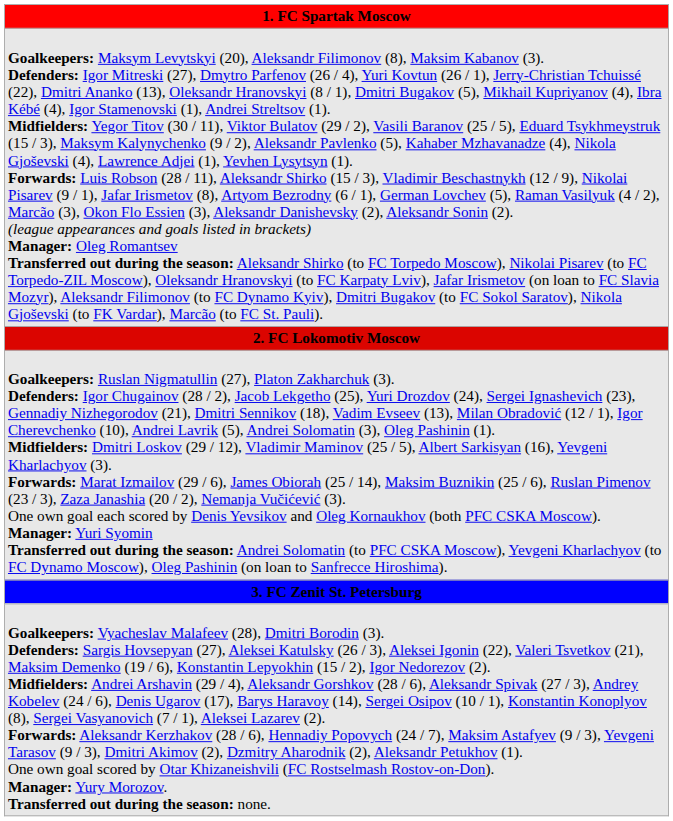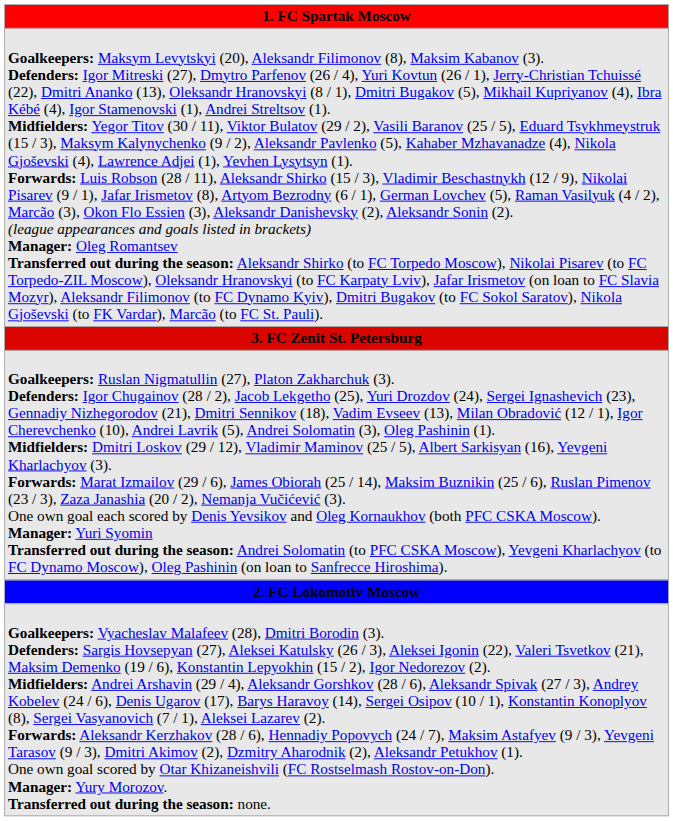 <table class="wikitable" Width="700">
 <tr bgcolor="#FF0000">
 <td align="center" width="700"><span> <strong>1. FC Spartak Moscow</strong> </span></td>
 </tr>
 <tr bgcolor="#E8E8E8">
 <td align="left" width="700"><br><strong>Goalkeepers:</strong> <a href='#'>Maksym Levytskyi</a>  (20), <a href='#'>Aleksandr Filimonov</a> (8), <a href='#'>Maksim Kabanov</a> (3).<br> <strong>Defenders:</strong> <a href='#'>Igor Mitreski</a>  (27), <a href='#'>Dmytro Parfenov</a>  (26 / 4), <a href='#'>Yuri Kovtun</a> (26  / 1), <a href='#'>Jerry-Christian Tchuissé</a>  (22), <a href='#'>Dmitri Ananko</a> (13), <a href='#'>Oleksandr Hranovskyi</a>  (8 / 1), <a href='#'>Dmitri Bugakov</a> (5), <a href='#'>Mikhail Kupriyanov</a> (4), <a href='#'>Ibra Kébé</a>  (4), <a href='#'>Igor Stamenovski</a>  (1), <a href='#'>Andrei Streltsov</a> (1).<br> <strong>Midfielders:</strong> <a href='#'>Yegor Titov</a> (30 / 11), <a href='#'>Viktor Bulatov</a> (29 / 2), <a href='#'>Vasili Baranov</a>  (25 / 5), <a href='#'>Eduard Tsykhmeystruk</a>  (15 / 3), <a href='#'>Maksym Kalynychenko</a>  (9 / 2), <a href='#'>Aleksandr Pavlenko</a> (5), <a href='#'>Kahaber Mzhavanadze</a>  (4), <a href='#'>Nikola Gjoševski</a>  (4), <a href='#'>Lawrence Adjei</a>  (1), <a href='#'>Yevhen Lysytsyn</a>  (1).<br> <strong>Forwards:</strong> <a href='#'>Luis Robson</a>  (28 / 11), <a href='#'>Aleksandr Shirko</a> (15 / 3), <a href='#'>Vladimir Beschastnykh</a> (12 / 9), <a href='#'>Nikolai Pisarev</a> (9 / 1), <a href='#'>Jafar Irismetov</a>  (8), <a href='#'>Artyom Bezrodny</a> (6 / 1), <a href='#'>German Lovchev</a> (5), <a href='#'>Raman Vasilyuk</a>  (4 / 2), <a href='#'>Marcão</a>  (3), <a href='#'>Okon Flo Essien</a>  (3), <a href='#'>Aleksandr Danishevsky</a> (2), <a href='#'>Aleksandr Sonin</a> (2).<br><em>(league appearances and goals listed in brackets)</em><br><strong>Manager:</strong> <a href='#'>Oleg Romantsev</a><br><strong>Transferred out during the season:</strong> <a href='#'>Aleksandr Shirko</a> (to <a href='#'>FC Torpedo Moscow</a>), <a href='#'>Nikolai Pisarev</a> (to <a href='#'>FC Torpedo-ZIL Moscow</a>), <a href='#'>Oleksandr Hranovskyi</a>  (to  <a href='#'>FC Karpaty Lviv</a>), <a href='#'>Jafar Irismetov</a>  (on loan to  <a href='#'>FC Slavia Mozyr</a>), <a href='#'>Aleksandr Filimonov</a> (to  <a href='#'>FC Dynamo Kyiv</a>), <a href='#'>Dmitri Bugakov</a> (to <a href='#'>FC Sokol Saratov</a>), <a href='#'>Nikola Gjoševski</a>  (to  <a href='#'>FK Vardar</a>), <a href='#'>Marcão</a>  (to  <a href='#'>FC St. Pauli</a>).</td>
 </tr>
 <tr bgcolor="#DB0500">
-<td align="center" width="700"><span> <strong>2. FC Lokomotiv Moscow</strong> </span></td>
+<td align="center" width="700"><span> <strong>3. FC Zenit St. Petersburg</strong> </span></td>
 </tr>
 <tr bgcolor="#E8E8E8">
 <td align="left" width="700"><br><strong>Goalkeepers:</strong> <a href='#'>Ruslan Nigmatullin</a> (27), <a href='#'>Platon Zakharchuk</a> (3).<br> <strong>Defenders:</strong> <a href='#'>Igor Chugainov</a> (28 / 2), <a href='#'>Jacob Lekgetho</a>  (25), <a href='#'>Yuri Drozdov</a> (24), <a href='#'>Sergei Ignashevich</a> (23), <a href='#'>Gennadiy Nizhegorodov</a> (21), <a href='#'>Dmitri Sennikov</a> (18), <a href='#'>Vadim Evseev</a> (13), <a href='#'>Milan Obradović</a>  (12 / 1), <a href='#'>Igor Cherevchenko</a>  (10), <a href='#'>Andrei Lavrik</a>  (5), <a href='#'>Andrei Solomatin</a> (3), <a href='#'>Oleg Pashinin</a>  (1).<br> <strong>Midfielders:</strong> <a href='#'>Dmitri Loskov</a> (29 / 12), <a href='#'>Vladimir Maminov</a>  (25 / 5), <a href='#'>Albert Sarkisyan</a>  (16), <a href='#'>Yevgeni Kharlachyov</a> (3).<br> <strong>Forwards:</strong> <a href='#'>Marat Izmailov</a> (29 / 6), <a href='#'>James Obiorah</a>  (25 / 14), <a href='#'>Maksim Buznikin</a> (25 / 6), <a href='#'>Ruslan Pimenov</a> (23 / 3), <a href='#'>Zaza Janashia</a>  (20 / 2), <a href='#'>Nemanja Vučićević</a>  (3).<br>One own goal each scored by <a href='#'>Denis Yevsikov</a> and <a href='#'>Oleg Kornaukhov</a> (both <a href='#'>PFC CSKA Moscow</a>).<br><strong>Manager:</strong> <a href='#'>Yuri Syomin</a><br><strong>Transferred out during the season:</strong> <a href='#'>Andrei Solomatin</a> (to <a href='#'>PFC CSKA Moscow</a>), <a href='#'>Yevgeni Kharlachyov</a> (to <a href='#'>FC Dynamo Moscow</a>), <a href='#'>Oleg Pashinin</a>  (on loan to  <a href='#'>Sanfrecce Hiroshima</a>).</td>
 </tr>
 <tr bgcolor="#0000FF">
-<td align="center" width="700"><span> <strong>3. FC Zenit St. Petersburg</strong> </span></td>
+<td align="center" width="700"><span> <strong>2. FC Lokomotiv Moscow</strong> </span></td>
 </tr>
 <tr bgcolor="#E8E8E8">
 <td align="left" width="700"><br><strong>Goalkeepers:</strong> <a href='#'>Vyacheslav Malafeev</a> (28), <a href='#'>Dmitri Borodin</a> (3).<br> <strong>Defenders:</strong> <a href='#'>Sargis Hovsepyan</a>  (27), <a href='#'>Aleksei Katulsky</a> (26 / 3), <a href='#'>Aleksei Igonin</a> (22), <a href='#'>Valeri Tsvetkov</a> (21), <a href='#'>Maksim Demenko</a> (19 / 6), <a href='#'>Konstantin Lepyokhin</a> (15 / 2), <a href='#'>Igor Nedorezov</a> (2).<br> <strong>Midfielders:</strong> <a href='#'>Andrei Arshavin</a> (29 / 4), <a href='#'>Aleksandr Gorshkov</a>  (28 / 6), <a href='#'>Aleksandr Spivak</a>  (27 / 3), <a href='#'>Andrey Kobelev</a> (24 / 6), <a href='#'>Denis Ugarov</a> (17), <a href='#'>Barys Haravoy</a>  (14), <a href='#'>Sergei Osipov</a> (10 / 1), <a href='#'>Konstantin Konoplyov</a> (8), <a href='#'>Sergei Vasyanovich</a> (7 / 1), <a href='#'>Aleksei Lazarev</a> (2).<br> <strong>Forwards:</strong> <a href='#'>Aleksandr Kerzhakov</a> (28 / 6), <a href='#'>Hennadiy Popovych</a>  (24 / 7), <a href='#'>Maksim Astafyev</a> (9 / 3), <a href='#'>Yevgeni Tarasov</a>  (9 / 3), <a href='#'>Dmitri Akimov</a> (2), <a href='#'>Dzmitry Aharodnik</a>  (2), <a href='#'>Aleksandr Petukhov</a> (1).<br>One own goal scored by <a href='#'>Otar Khizaneishvili</a>  (<a href='#'>FC Rostselmash Rostov-on-Don</a>).<br><strong>Manager:</strong> <a href='#'>Yury Morozov</a>.<br><strong>Transferred out during the season:</strong> none.</td>
 </tr>
 </table>
